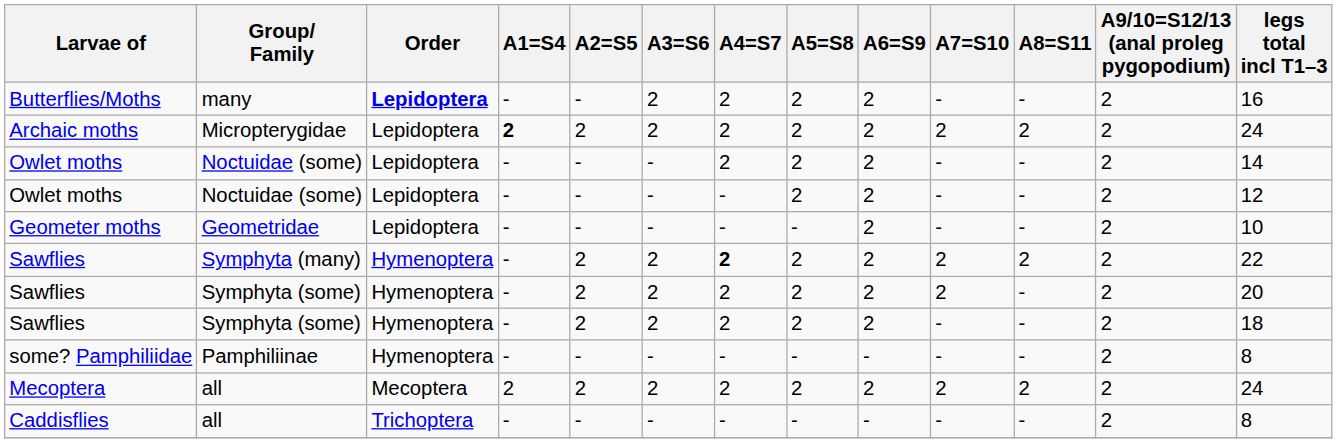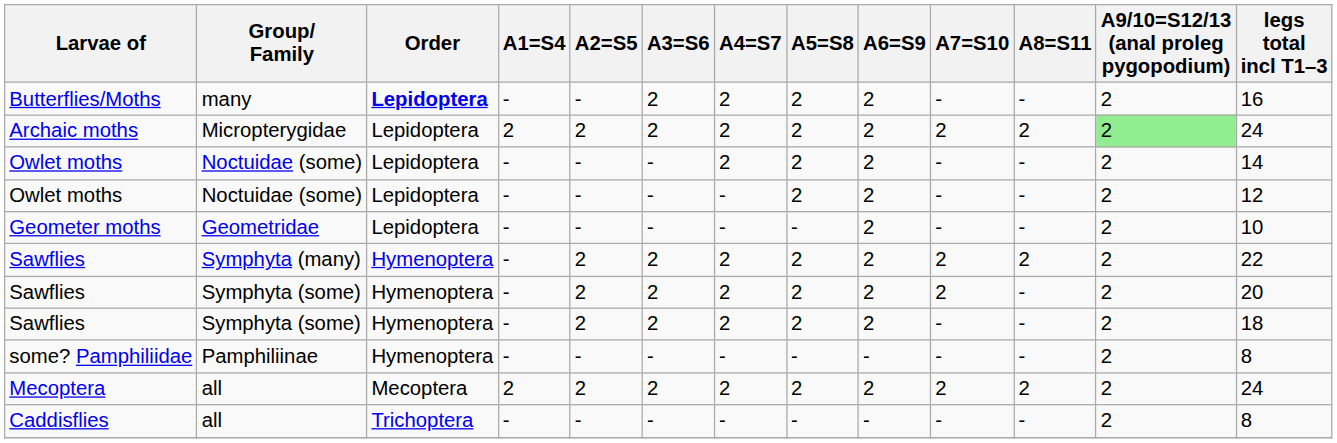 <table class="wikitable sortable zebra">
 <tr class="hintergrundfarbe6">
 <th>Larvae of</th>
 <th>Group/<br>Family</th>
 <th>Order</th>
 <th>A1=S4</th>
 <th>A2=S5</th>
 <th>A3=S6</th>
 <th>A4=S7</th>
 <th>A5=S8</th>
 <th>A6=S9</th>
 <th>A7=S10</th>
 <th>A8=S11</th>
 <th>A9/10=S12/13<br>(anal proleg<br>pygopodium)</th>
 <th>legs<br>total<br>incl T1–3</th>
 </tr>
 <tr>
 <td><a href='#'>Butterflies/Moths</a></td>
 <td>many</td>
 <td><strong><a href='#'>Lepidoptera</a></strong></td>
 <td>-</td>
 <td>-</td>
 <td>2</td>
 <td>2</td>
 <td>2</td>
 <td>2</td>
 <td>-</td>
 <td>-</td>
 <td>2</td>
 <td>16</td>
 </tr>
 <tr>
 <td><a href='#'>Archaic moths</a></td>
 <td>Micropterygidae</td>
 <td>Lepidoptera</td>
-<td><strong>2</strong></td>
 <td>2</td>
 <td>2</td>
 <td>2</td>
 <td>2</td>
 <td>2</td>
 <td>2</td>
 <td>2</td>
 <td>2</td>
+<td style="background: lightgreen;">2</td>
 <td>24</td>
 </tr>
 <tr>
 <td><a href='#'>Owlet moths</a></td>
 <td><a href='#'>Noctuidae</a> (some)</td>
 <td>Lepidoptera</td>
 <td>-</td>
 <td>-</td>
 <td>-</td>
 <td>2</td>
 <td>2</td>
 <td>2</td>
 <td>-</td>
 <td>-</td>
 <td>2</td>
 <td>14</td>
 </tr>
 <tr>
 <td>Owlet moths</td>
 <td>Noctuidae (some)</td>
 <td>Lepidoptera</td>
 <td>-</td>
 <td>-</td>
 <td>-</td>
 <td>-</td>
 <td>2</td>
 <td>2</td>
 <td>-</td>
 <td>-</td>
 <td>2</td>
 <td>12</td>
 </tr>
 <tr>
 <td><a href='#'>Geometer moths</a></td>
 <td><a href='#'>Geometridae</a></td>
 <td>Lepidoptera</td>
 <td>-</td>
 <td>-</td>
 <td>-</td>
 <td>-</td>
 <td>-</td>
 <td>2</td>
 <td>-</td>
 <td>-</td>
 <td>2</td>
 <td>10</td>
 </tr>
 <tr>
 <td><a href='#'>Sawflies</a></td>
 <td><a href='#'>Symphyta</a> (many)</td>
 <td><a href='#'>Hymenoptera</a></td>
 <td>-</td>
 <td>2</td>
 <td>2</td>
-<td><strong>2</strong></td>
+<td>2</td>
 <td>2</td>
 <td>2</td>
 <td>2</td>
 <td>2</td>
 <td>2</td>
 <td>22</td>
 </tr>
 <tr>
 <td>Sawflies</td>
 <td>Symphyta (some)</td>
 <td>Hymenoptera</td>
 <td>-</td>
 <td>2</td>
 <td>2</td>
 <td>2</td>
 <td>2</td>
 <td>2</td>
 <td>2</td>
 <td>-</td>
 <td>2</td>
 <td>20</td>
 </tr>
 <tr>
 <td>Sawflies</td>
 <td>Symphyta (some)</td>
 <td>Hymenoptera</td>
 <td>-</td>
 <td>2</td>
 <td>2</td>
 <td>2</td>
 <td>2</td>
 <td>2</td>
 <td>-</td>
 <td>-</td>
 <td>2</td>
 <td>18</td>
 </tr>
 <tr>
 <td>some? <a href='#'>Pamphiliidae</a></td>
 <td>Pamphiliinae</td>
 <td>Hymenoptera</td>
 <td>-</td>
 <td>-</td>
 <td>-</td>
 <td>-</td>
 <td>-</td>
 <td>-</td>
 <td>-</td>
 <td>-</td>
 <td>2</td>
 <td>8</td>
 </tr>
 <tr>
 <td><a href='#'>Mecoptera</a></td>
 <td>all</td>
 <td>Mecoptera</td>
 <td>2</td>
 <td>2</td>
 <td>2</td>
 <td>2</td>
 <td>2</td>
 <td>2</td>
 <td>2</td>
 <td>2</td>
 <td>2</td>
 <td>24</td>
 </tr>
 <tr>
 <td><a href='#'>Caddisflies</a></td>
 <td>all</td>
 <td><a href='#'>Trichoptera</a></td>
 <td>-</td>
 <td>-</td>
 <td>-</td>
 <td>-</td>
 <td>-</td>
 <td>-</td>
 <td>-</td>
 <td>-</td>
 <td>2</td>
 <td>8</td>
 </tr>
 <tr>
 </tr>
 </table>
